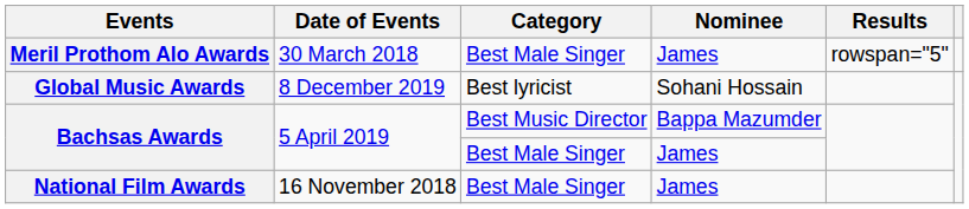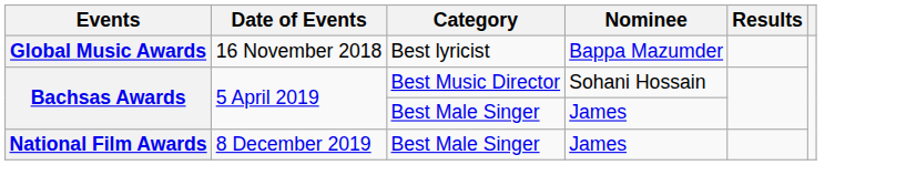 <table class="wikitable">
 <tr>
 <th>Events</th>
 <th>Date of Events</th>
 <th>Category</th>
 <th>Nominee</th>
 <th>Results</th>
 <th></th>
 </tr>
 <tr>
-<th><a href='#'>Meril Prothom Alo Awards</a></th>
-<td><a href='#'>30 March 2018</a></td>
-<td><a href='#'>Best Male Singer</a></td>
-<td><a href='#'>James</a></td>
-<td>rowspan="5" </td>
-<td></td>
-</tr>
-<tr>
 <th><a href='#'>Global Music Awards</a></th>
-<td><a href='#'>8 December 2019</a></td>
+<td>16 November 2018</td>
 <td>Best lyricist</td>
-<td>Sohani Hossain</td>
+<td><a href='#'>Bappa Mazumder</a></td>
 <td></td>
 </tr>
 <tr>
 <th rowspan="2"><a href='#'>Bachsas Awards</a></th>
 <td rowspan="2"><a href='#'>5 April 2019</a></td>
 <td><a href='#'>Best Music Director</a></td>
-<td><a href='#'>Bappa Mazumder</a></td>
+<td>Sohani Hossain</td>
 <td rowspan="2"><br><br></td>
 </tr>
 <tr>
 <td><a href='#'>Best Male Singer</a></td>
 <td><a href='#'>James</a></td>
 </tr>
 <tr>
 <th><a href='#'>National Film Awards</a></th>
-<td>16 November 2018</td>
+<td><a href='#'>8 December 2019</a></td>
 <td><a href='#'>Best Male Singer</a></td>
 <td><a href='#'>James</a></td>
 <td><br></td>
 </tr>
 </table>
